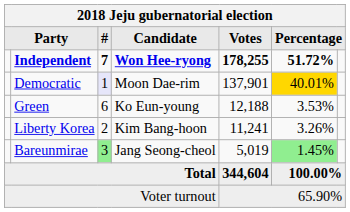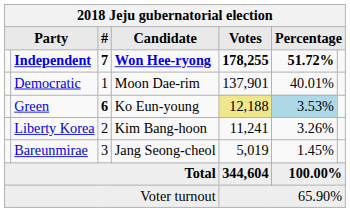 <table class="wikitable">
 <tr>
 <th colspan="7">2018 Jeju gubernatorial election</th>
 </tr>
 <tr>
 <th style="background-color:#E9E9E9" colspan=2>Party</th>
 <th style="background-color:#E9E9E9">#</th>
 <th style="background-color:#E9E9E9">Candidate</th>
 <th style="background-color:#E9E9E9">Votes</th>
 <th style="background-color:#E9E9E9" colspan=2>Percentage</th>
 </tr>
 <tr style="font-weight:bold">
 <td></td>
 <td align=left><a href='#'>Independent</a></td>
 <td align=center>7</td>
 <td align=left><a href='#'>Won Hee-ryong</a></td>
 <td align=right>178,255</td>
 <td align=right>51.72%</td>
 <td align=right></td>
 </tr>
 <tr>
 <td></td>
 <td align=left><a href='#'>Democratic</a></td>
-<td align=center style="background: lavender;">1</td>
+<td align=center>1</td>
 <td align=left>Moon Dae-rim</td>
 <td align=right>137,901</td>
-<td align=right style="background: gold;">40.01%</td>
+<td align=right>40.01%</td>
 <td align=right></td>
 </tr>
 <tr>
 <td></td>
 <td align=left><a href='#'>Green</a></td>
-<td align=center>6</td>
+<td align=center><strong>6</strong></td>
 <td align=left>Ko Eun-young</td>
-<td align=right>12,188</td>
-<td align=right>3.53%</td>
+<td align=right style="background: khaki;">12,188</td>
+<td align=right style="background: lightblue;">3.53%</td>
 <td align=right></td>
 </tr>
 <tr>
 <td></td>
 <td align=left><a href='#'>Liberty Korea</a></td>
 <td align=center>2</td>
 <td align=left>Kim Bang-hoon</td>
 <td align=right>11,241</td>
 <td align=right>3.26%</td>
 <td align=right></td>
 </tr>
 <tr>
 <td></td>
 <td align=left><a href='#'>Bareunmirae</a></td>
-<td align=center style="background: lightgreen;">3</td>
+<td align=center>3</td>
 <td align=left>Jang Seong-cheol</td>
 <td align=right>5,019</td>
-<td align=right style="background: lightgreen;">1.45%</td>
+<td align=right>1.45%</td>
 <td align=right></td>
 </tr>
 <tr bgcolor="#EEEEEE" style="font-weight:bold">
 <td colspan="4" align=right>Total</td>
 <td align=right>344,604</td>
 <td align=right colspan=2>100.00%</td>
 </tr>
 <tr bgcolor="#EEEEEE">
 <td colspan="4" align="right">Voter turnout</td>
 <td colspan="3" align="right">65.90%</td>
 </tr>
 </table>
